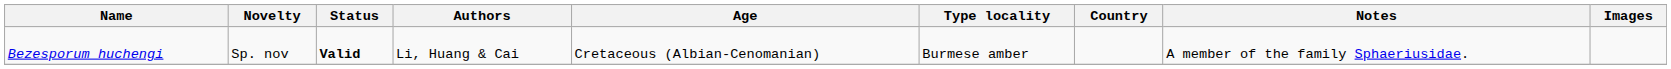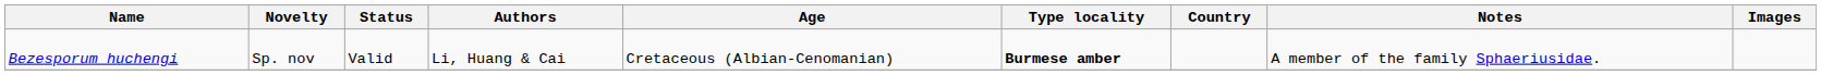 <table class="wikitable sortable" align="center" width="100%">
 <tr>
 <th>Name</th>
 <th>Novelty</th>
 <th>Status</th>
 <th>Authors</th>
 <th>Age</th>
 <th>Type locality</th>
 <th>Country</th>
 <th>Notes</th>
 <th>Images</th>
 </tr>
 <tr>
 <td><br><em><a href='#'>Bezesporum huchengi</a></em></td>
 <td><br>Sp. nov</td>
-<td><strong><br>Valid</strong></td>
+<td><br>Valid</td>
 <td><br>Li, Huang & Cai</td>
 <td><br>Cretaceous (Albian-Cenomanian)</td>
-<td><br>Burmese amber</td>
+<td><strong><br>Burmese amber</strong></td>
 <td><br></td>
 <td><br>A member of the family <a href='#'>Sphaeriusidae</a>.</td>
 <td></td>
 </tr>
 <tr>
 </tr>
 </table>
